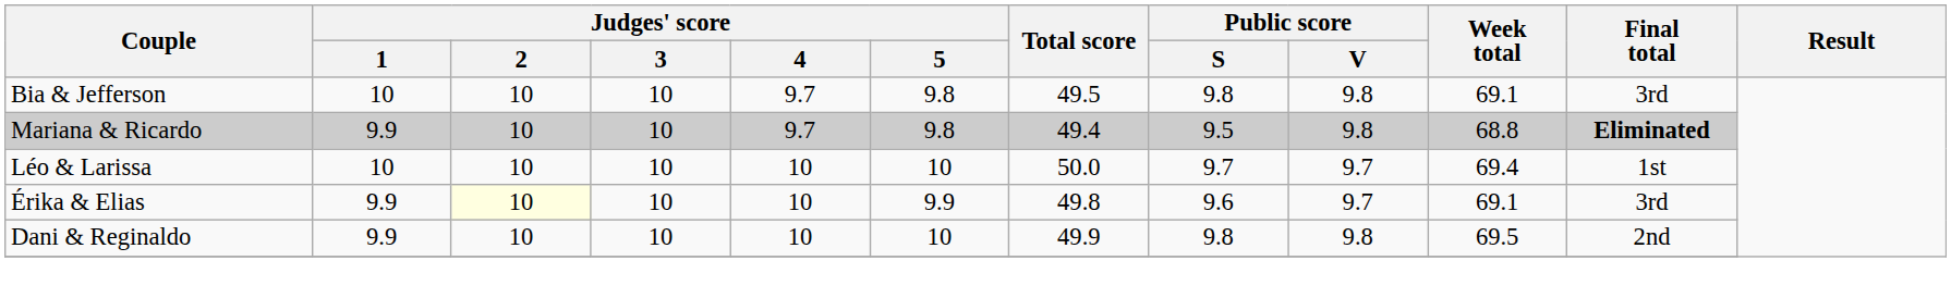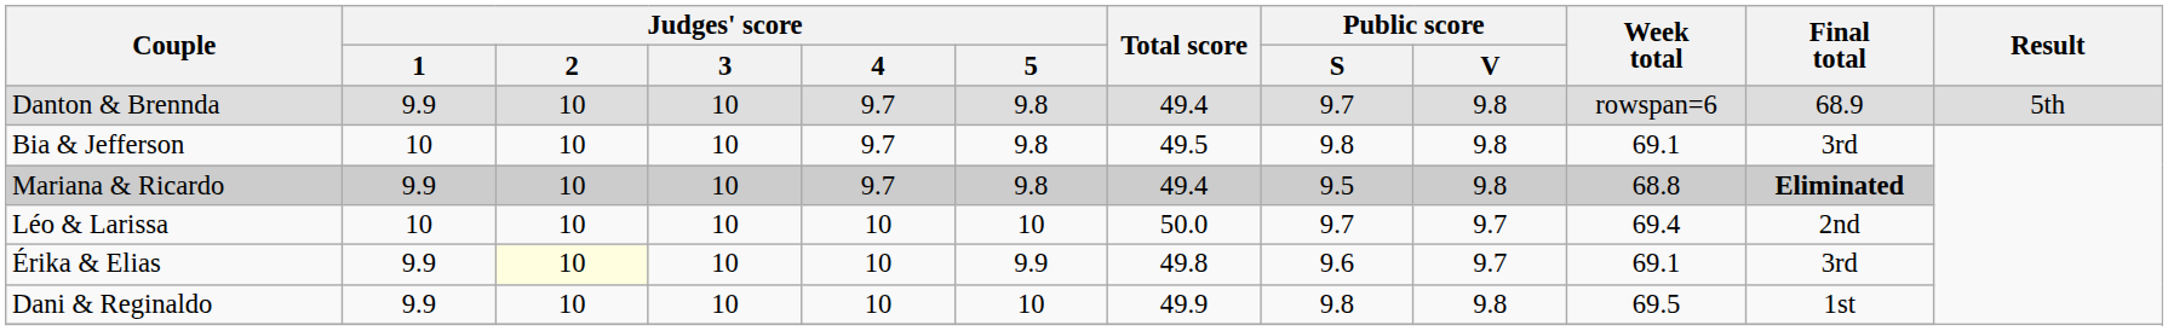 <table class="wikitable" style="font-size:100%; line-height:16px; text-align:center" width="100%">
 <tr>
 <th rowspan=2 width="11.0%">Couple</th>
 <th colspan=5 width="25.0%">Judges' score</th>
 <th rowspan=2 width="05.0%">Total score</th>
 <th colspan=2 width="10.0%">Public score</th>
 <th rowspan=2 width="05.0%">Week<br>total</th>
 <th rowspan=2 width="05.0%">Final<br>total</th>
 <th rowspan=2 width="07.5%">Result</th>
 </tr>
 <tr>
 <th width="05.0%">1</th>
 <th width="05.0%">2</th>
 <th width="05.0%">3</th>
 <th width="05.0%">4</th>
 <th width="05.0%">5</th>
 <th width="05.0%">S</th>
 <th width="05.0%">V</th>
+</tr>
+<tr bgcolor=DDDDDD>
+<td align="left">Danton & Brennda</td>
+<td>9.9</td>
+<td>10</td>
+<td>10</td>
+<td>9.7</td>
+<td>9.8</td>
+<td>49.4</td>
+<td>9.7</td>
+<td>9.8</td>
+<td>rowspan=6 </td>
+<td>68.9</td>
+<td>5th</td>
 </tr>
 <tr>
 <td align="left">Bia & Jefferson</td>
 <td>10</td>
 <td>10</td>
 <td>10</td>
 <td>9.7</td>
 <td>9.8</td>
 <td>49.5</td>
 <td>9.8</td>
 <td>9.8</td>
 <td>69.1</td>
 <td>3rd</td>
 </tr>
 <tr bgcolor=CCCCCC>
 <td align="left">Mariana & Ricardo</td>
 <td>9.9</td>
 <td>10</td>
 <td>10</td>
 <td>9.7</td>
 <td>9.8</td>
 <td>49.4</td>
 <td>9.5</td>
 <td>9.8</td>
 <td>68.8</td>
 <td><strong>Eliminated</strong></td>
 </tr>
 <tr>
 <td align="left">Léo & Larissa</td>
 <td>10</td>
 <td>10</td>
 <td>10</td>
 <td>10</td>
 <td>10</td>
 <td>50.0</td>
 <td>9.7</td>
 <td>9.7</td>
 <td>69.4</td>
-<td>1st</td>
+<td>2nd</td>
 </tr>
 <tr>
 <td align="left">Érika & Elias</td>
 <td>9.9</td>
 <td style="background: lightyellow;">10</td>
 <td>10</td>
 <td>10</td>
 <td>9.9</td>
 <td>49.8</td>
 <td>9.6</td>
 <td>9.7</td>
 <td>69.1</td>
 <td>3rd</td>
 </tr>
 <tr>
 <td align="left">Dani & Reginaldo</td>
 <td>9.9</td>
 <td>10</td>
 <td>10</td>
 <td>10</td>
 <td>10</td>
 <td>49.9</td>
 <td>9.8</td>
 <td>9.8</td>
 <td>69.5</td>
-<td>2nd</td>
+<td>1st</td>
 </tr>
 <tr>
 </tr>
 </table>
